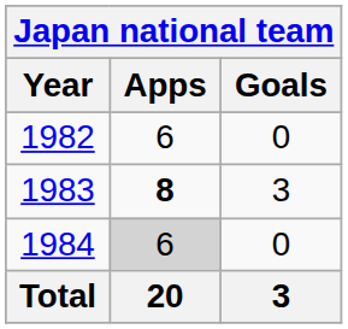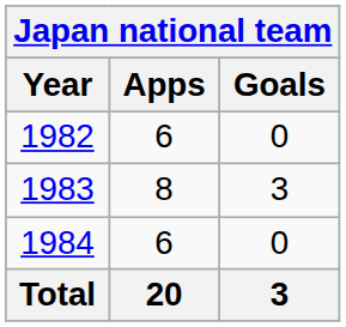 <table class="wikitable" style="text-align:center">
 <tr>
 <th colspan=3><a href='#'>Japan national team</a></th>
 </tr>
 <tr>
 <th>Year</th>
 <th>Apps</th>
 <th>Goals</th>
 </tr>
 <tr>
 <td><a href='#'>1982</a></td>
 <td>6</td>
 <td>0</td>
 </tr>
 <tr>
 <td><a href='#'>1983</a></td>
-<td><strong>8</strong></td>
+<td>8</td>
 <td>3</td>
 </tr>
 <tr>
 <td><a href='#'>1984</a></td>
-<td style="background: lightgrey;">6</td>
+<td>6</td>
 <td>0</td>
 </tr>
 <tr>
 <th>Total</th>
 <th>20</th>
 <th>3</th>
 </tr>
 </table>
